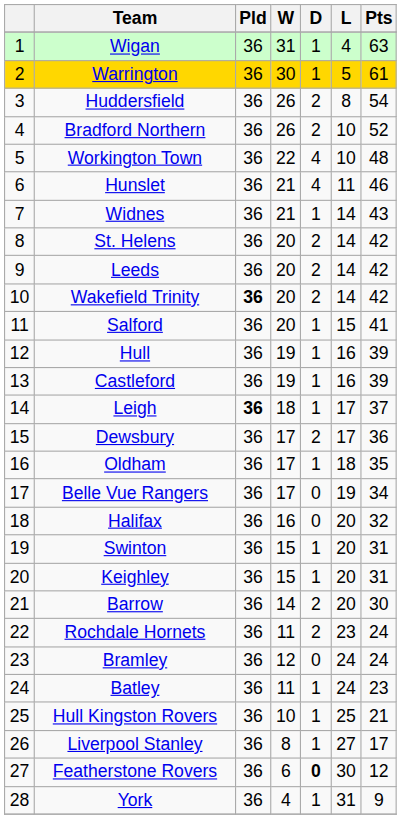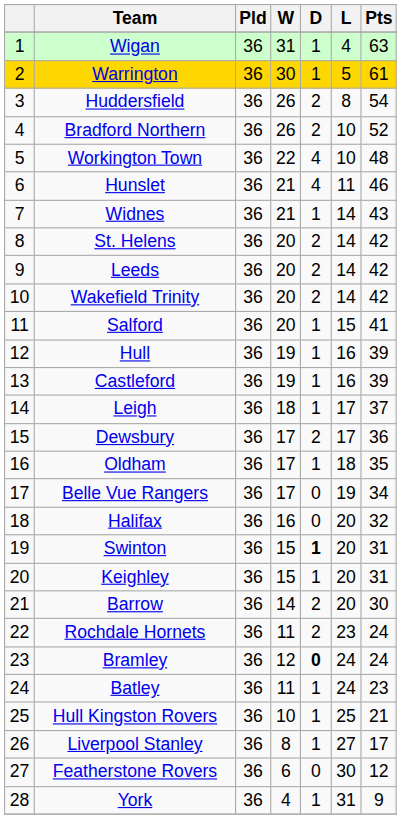 <table class="wikitable" style="text-align:center;">
 <tr>
 <th width=20 abbr="Position"></th>
 <th width=175>Team</th>
 <th width=20 abbr="Played">Pld</th>
 <th width=20 abbr="Won">W</th>
 <th width=20 abbr="Drawn">D</th>
 <th width=20 abbr="Lost">L</th>
 <th width=20 abbr="Points">Pts</th>
 </tr>
 <tr>
 </tr>
 <tr align=center style="background:#ccffcc;color:">
 <td>1</td>
 <td><a href='#'>Wigan</a></td>
 <td>36</td>
 <td>31</td>
 <td>1</td>
 <td>4</td>
 <td>63</td>
 </tr>
 <tr align=center style="background:#FFD700;">
 <td>2</td>
 <td><a href='#'>Warrington</a></td>
 <td>36</td>
 <td>30</td>
 <td>1</td>
 <td>5</td>
 <td>61</td>
 </tr>
 <tr align=center style="background:">
 <td>3</td>
 <td><a href='#'>Huddersfield</a></td>
 <td>36</td>
 <td>26</td>
 <td>2</td>
 <td>8</td>
 <td>54</td>
 </tr>
 <tr align=center style="background:">
 <td>4</td>
 <td><a href='#'>Bradford Northern</a></td>
 <td>36</td>
 <td>26</td>
 <td>2</td>
 <td>10</td>
 <td>52</td>
 </tr>
 <tr align=center style="background:">
 <td>5</td>
 <td><a href='#'>Workington Town</a></td>
 <td>36</td>
 <td>22</td>
 <td>4</td>
 <td>10</td>
 <td>48</td>
 </tr>
 <tr align=center style="background:">
 <td>6</td>
 <td><a href='#'>Hunslet</a></td>
 <td>36</td>
 <td>21</td>
 <td>4</td>
 <td>11</td>
 <td>46</td>
 </tr>
 <tr align=center style="background:">
 <td>7</td>
 <td><a href='#'>Widnes</a></td>
 <td>36</td>
 <td>21</td>
 <td>1</td>
 <td>14</td>
 <td>43</td>
 </tr>
 <tr align=center style="background:">
 <td>8</td>
 <td><a href='#'>St. Helens</a></td>
 <td>36</td>
 <td>20</td>
 <td>2</td>
 <td>14</td>
 <td>42</td>
 </tr>
 <tr align=center style="background:">
 <td>9</td>
 <td><a href='#'>Leeds</a></td>
 <td>36</td>
 <td>20</td>
 <td>2</td>
 <td>14</td>
 <td>42</td>
 </tr>
 <tr align=center style="background:">
 <td>10</td>
 <td><a href='#'>Wakefield Trinity</a></td>
-<td><strong>36</strong></td>
+<td>36</td>
 <td>20</td>
 <td>2</td>
 <td>14</td>
 <td>42</td>
 </tr>
 <tr align=center style="background:">
 <td>11</td>
 <td><a href='#'>Salford</a></td>
 <td>36</td>
 <td>20</td>
 <td>1</td>
 <td>15</td>
 <td>41</td>
 </tr>
 <tr align=center style="background:">
 <td>12</td>
 <td><a href='#'>Hull</a></td>
 <td>36</td>
 <td>19</td>
 <td>1</td>
 <td>16</td>
 <td>39</td>
 </tr>
 <tr align=center style="background:">
 <td>13</td>
 <td><a href='#'>Castleford</a></td>
 <td>36</td>
 <td>19</td>
 <td>1</td>
 <td>16</td>
 <td>39</td>
 </tr>
 <tr align=center style="background:">
 <td>14</td>
 <td><a href='#'>Leigh</a></td>
-<td><strong>36</strong></td>
+<td>36</td>
 <td>18</td>
 <td>1</td>
 <td>17</td>
 <td>37</td>
 </tr>
 <tr align=center style="background:">
 <td>15</td>
 <td><a href='#'>Dewsbury</a></td>
 <td>36</td>
 <td>17</td>
 <td>2</td>
 <td>17</td>
 <td>36</td>
 </tr>
 <tr align=center style="background:">
 <td>16</td>
 <td><a href='#'>Oldham</a></td>
 <td>36</td>
 <td>17</td>
 <td>1</td>
 <td>18</td>
 <td>35</td>
 </tr>
 <tr align=center style="background:">
 <td>17</td>
 <td><a href='#'>Belle Vue Rangers</a></td>
 <td>36</td>
 <td>17</td>
 <td>0</td>
 <td>19</td>
 <td>34</td>
 </tr>
 <tr align=center style="background:">
 <td>18</td>
 <td><a href='#'>Halifax</a></td>
 <td>36</td>
 <td>16</td>
 <td>0</td>
 <td>20</td>
 <td>32</td>
 </tr>
 <tr align=center style="background:">
 <td>19</td>
 <td><a href='#'>Swinton</a></td>
 <td>36</td>
 <td>15</td>
-<td>1</td>
+<td><strong>1</strong></td>
 <td>20</td>
 <td>31</td>
 </tr>
 <tr align=center style="background:">
 <td>20</td>
 <td><a href='#'>Keighley</a></td>
 <td>36</td>
 <td>15</td>
 <td>1</td>
 <td>20</td>
 <td>31</td>
 </tr>
 <tr align=center style="background:">
 <td>21</td>
 <td><a href='#'>Barrow</a></td>
 <td>36</td>
 <td>14</td>
 <td>2</td>
 <td>20</td>
 <td>30</td>
 </tr>
 <tr align=center style="background:">
 <td>22</td>
 <td><a href='#'>Rochdale Hornets</a></td>
 <td>36</td>
 <td>11</td>
 <td>2</td>
 <td>23</td>
 <td>24</td>
 </tr>
 <tr align=center style="background:">
 <td>23</td>
 <td><a href='#'>Bramley</a></td>
 <td>36</td>
 <td>12</td>
-<td>0</td>
+<td><strong>0</strong></td>
 <td>24</td>
 <td>24</td>
 </tr>
 <tr align=center style="background:">
 <td>24</td>
 <td><a href='#'>Batley</a></td>
 <td>36</td>
 <td>11</td>
 <td>1</td>
 <td>24</td>
 <td>23</td>
 </tr>
 <tr align=center style="background:">
 <td>25</td>
 <td><a href='#'>Hull Kingston Rovers</a></td>
 <td>36</td>
 <td>10</td>
 <td>1</td>
 <td>25</td>
 <td>21</td>
 </tr>
 <tr align=center style="background:">
 <td>26</td>
 <td><a href='#'>Liverpool Stanley</a></td>
 <td>36</td>
 <td>8</td>
 <td>1</td>
 <td>27</td>
 <td>17</td>
 </tr>
 <tr align=center style="background:">
 <td>27</td>
 <td><a href='#'>Featherstone Rovers</a></td>
 <td>36</td>
 <td>6</td>
-<td><strong>0</strong></td>
+<td>0</td>
 <td>30</td>
 <td>12</td>
 </tr>
 <tr align=center style="background:">
 <td>28</td>
 <td><a href='#'>York</a></td>
 <td>36</td>
 <td>4</td>
 <td>1</td>
 <td>31</td>
 <td>9</td>
 </tr>
 <tr>
 </tr>
 </table>
